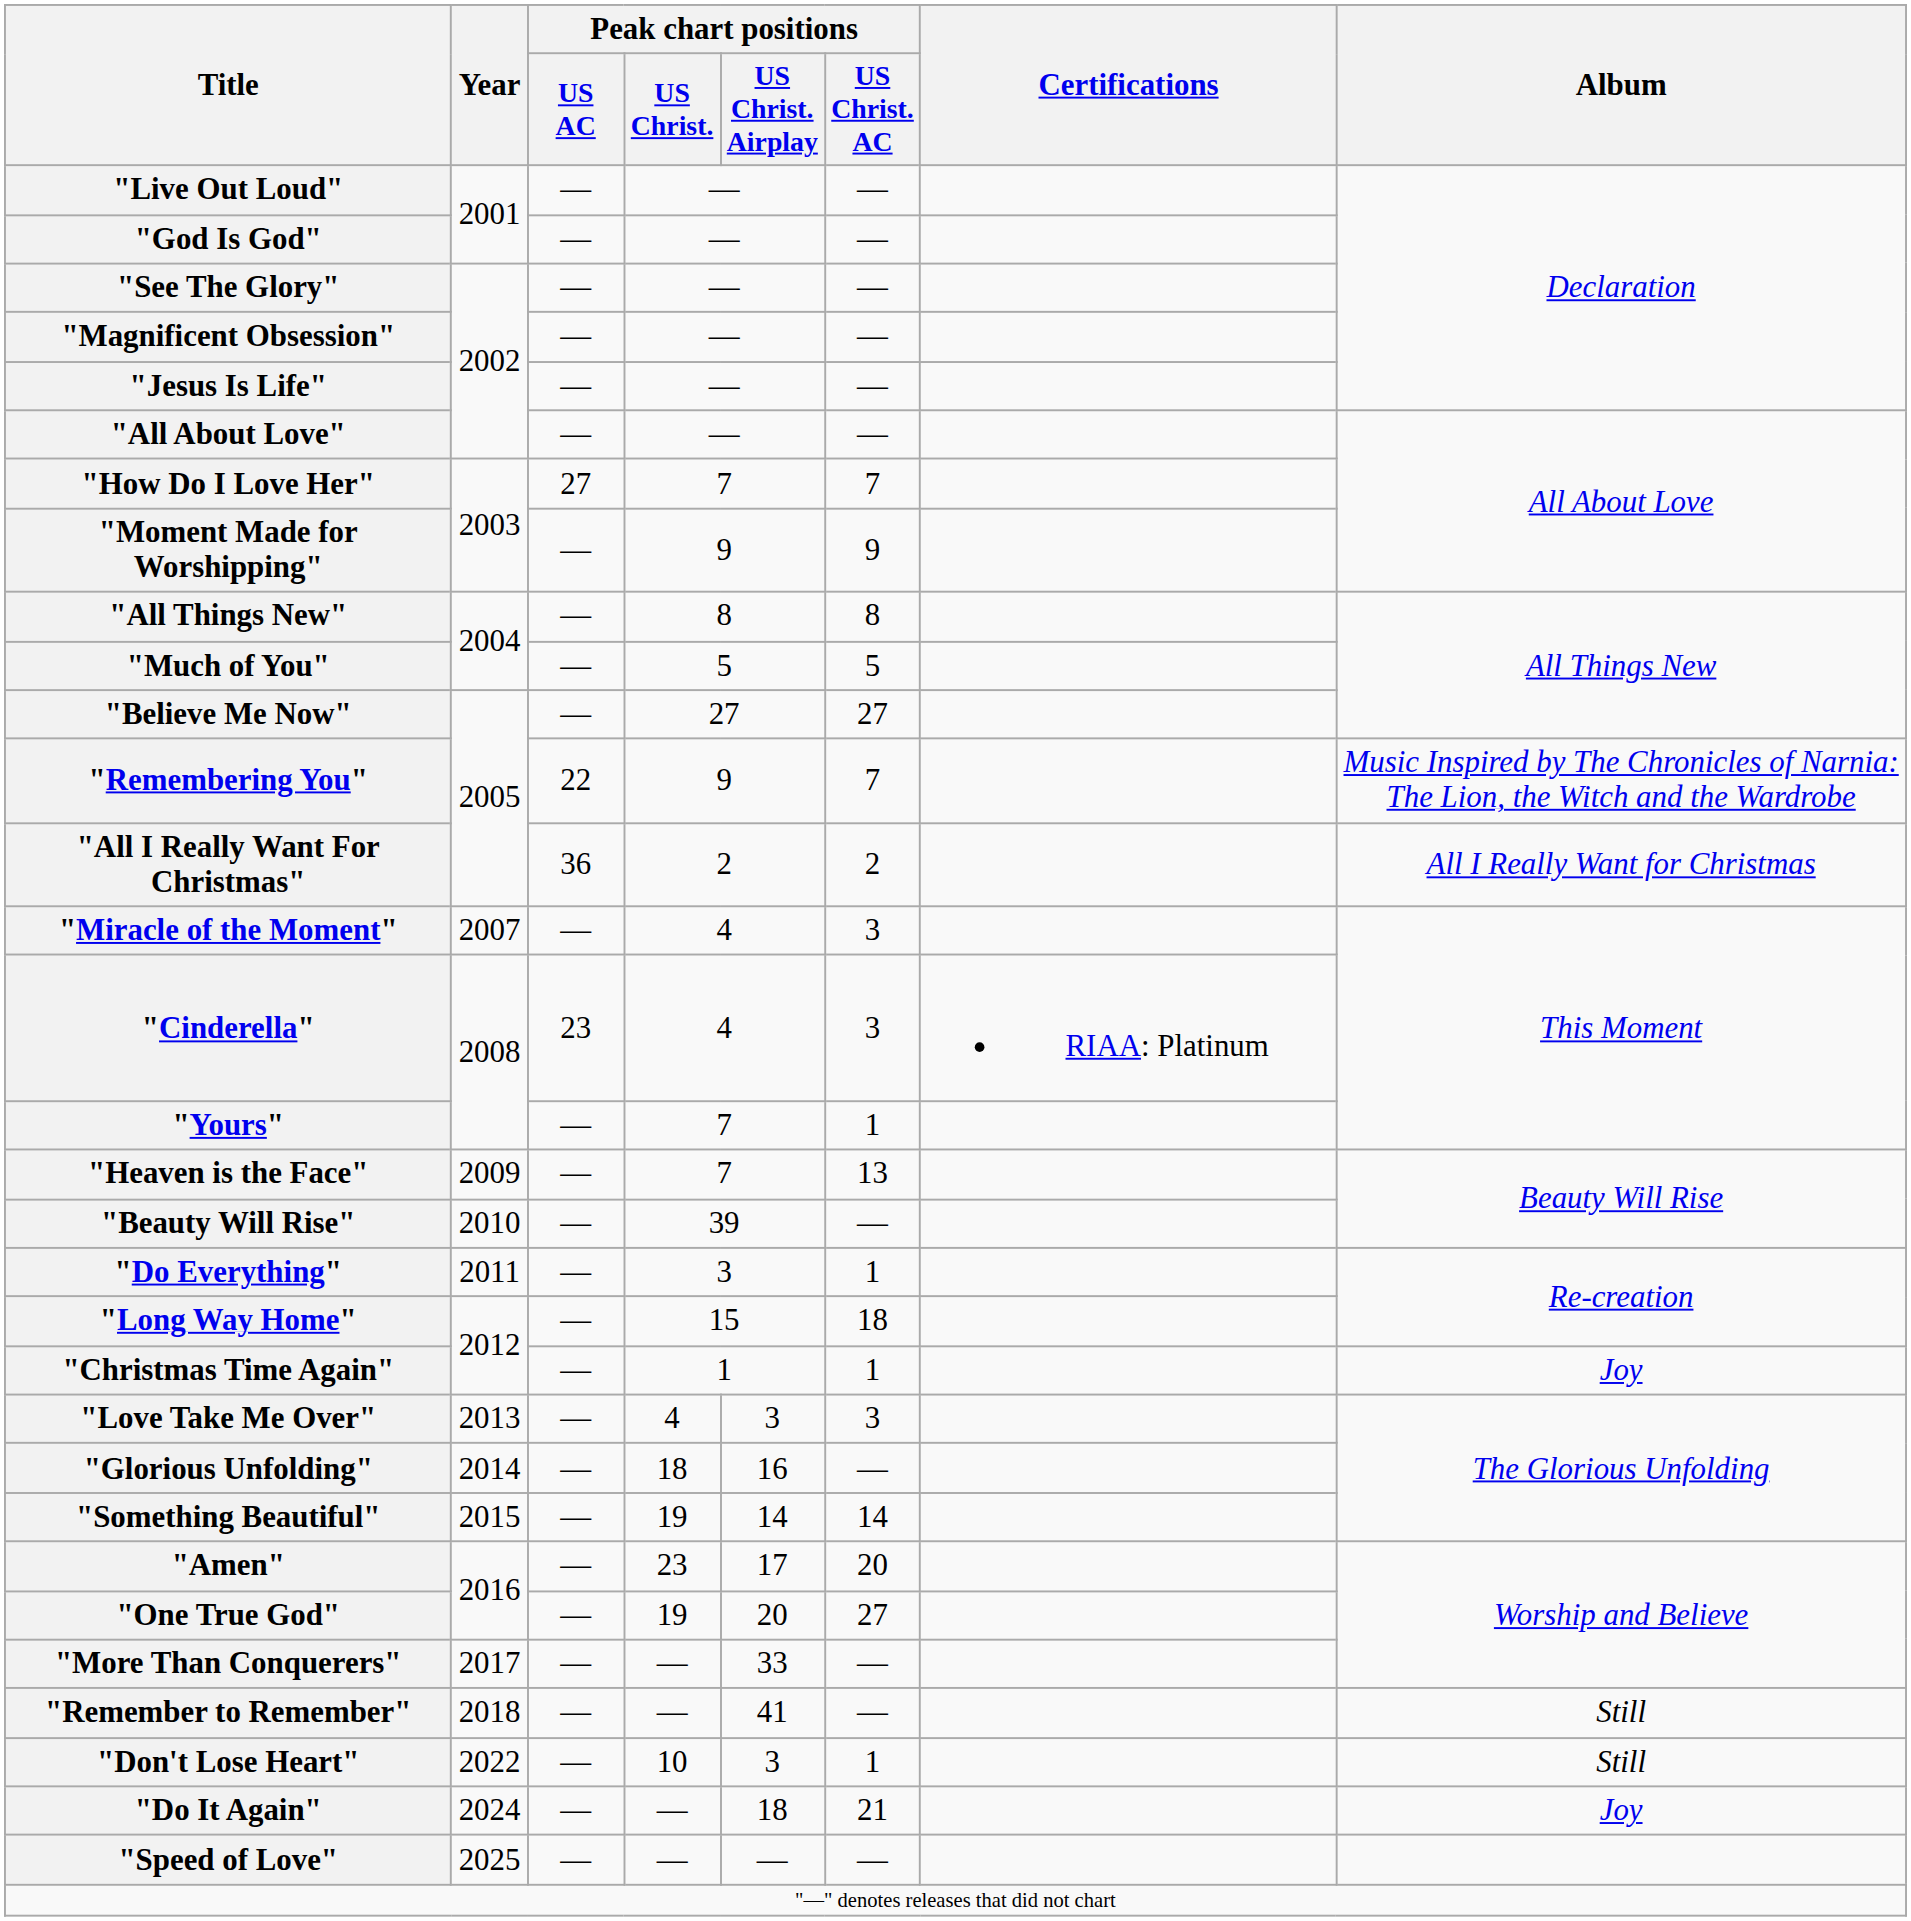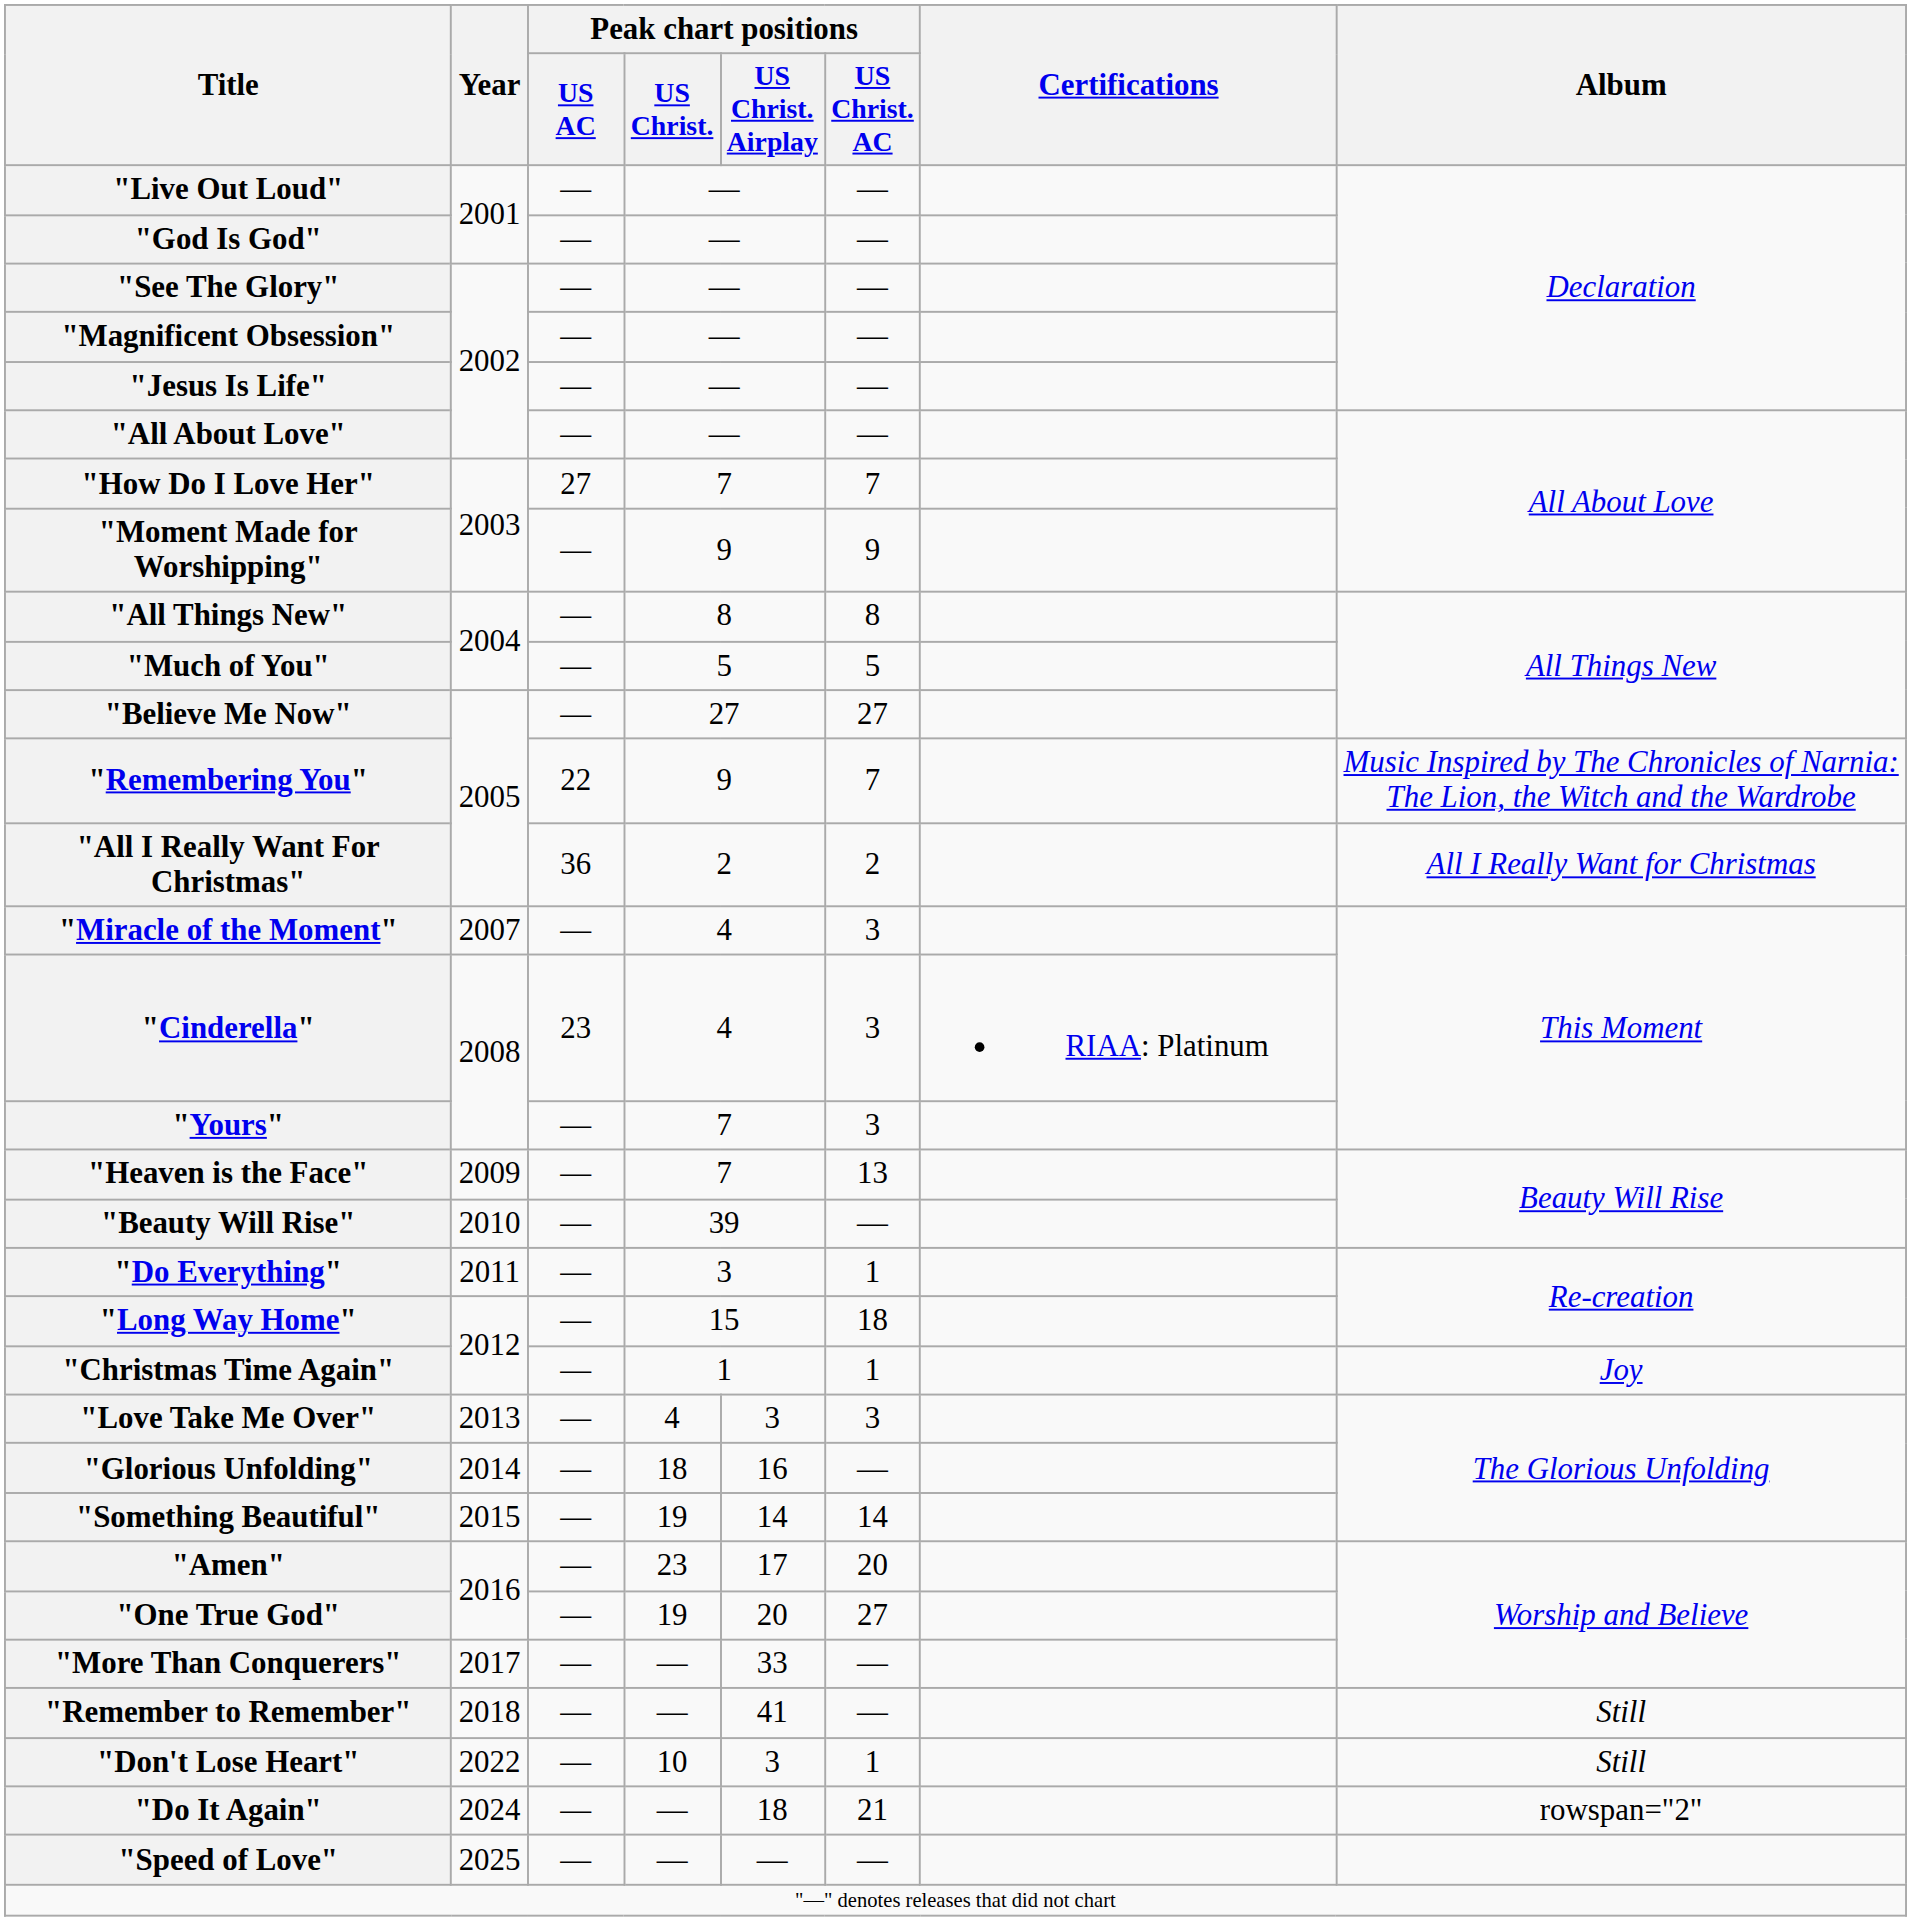 <table class="wikitable plainrowheaders" style="text-align:center;">
 <tr>
 <th scope="col" rowspan="2" style="width:14em;">Title</th>
 <th scope="col" rowspan="2" style="width:1em;">Year</th>
 <th scope="col" colspan="4">Peak chart positions</th>
 <th scope="col" rowspan="2" style="width:13em;"><a href='#'>Certifications</a></th>
 <th scope="col" rowspan="2">Album</th>
 </tr>
 <tr>
 <th style="width:3em; font-size:90%"><a href='#'>US<br>AC</a><br></th>
 <th style="width:3em; font-size:90%"><a href='#'>US Christ.</a><br></th>
 <th style="width:3em; font-size:90%"><a href='#'>US Christ. Airplay</a><br></th>
 <th style="width:3em; font-size:90%"><a href='#'>US Christ. AC</a><br></th>
 </tr>
 <tr>
 <th scope="row">"Live Out Loud"</th>
 <td rowspan="2">2001</td>
 <td>—</td>
 <td colspan="2">—</td>
 <td>—</td>
 <td></td>
 <td rowspan="5"><em><a href='#'>Declaration</a></em></td>
 </tr>
 <tr>
 <th scope="row">"God Is God"</th>
 <td>—</td>
 <td colspan="2">—</td>
 <td>—</td>
 <td></td>
 </tr>
 <tr>
 <th scope="row">"See The Glory"</th>
 <td rowspan="4">2002</td>
 <td>—</td>
 <td colspan="2">—</td>
 <td>—</td>
 <td></td>
 </tr>
 <tr>
 <th scope="row">"Magnificent Obsession"</th>
 <td>—</td>
 <td colspan="2">—</td>
 <td>—</td>
 <td></td>
 </tr>
 <tr>
 <th scope="row">"Jesus Is Life"</th>
 <td>—</td>
 <td colspan="2">—</td>
 <td>—</td>
 <td></td>
 </tr>
 <tr>
 <th scope="row">"All About Love"</th>
 <td>—</td>
 <td colspan="2">—</td>
 <td>—</td>
 <td></td>
 <td rowspan="3"><em><a href='#'>All About Love</a></em></td>
 </tr>
 <tr>
 <th scope="row">"How Do I Love Her"</th>
 <td rowspan="2">2003</td>
 <td>27</td>
 <td colspan="2">7</td>
 <td>7</td>
 <td></td>
 </tr>
 <tr>
 <th scope="row">"Moment Made for Worshipping"</th>
 <td>—</td>
 <td colspan="2">9</td>
 <td>9</td>
 <td></td>
 </tr>
 <tr>
 <th scope="row">"All Things New"</th>
 <td rowspan="2">2004</td>
 <td>—</td>
 <td colspan="2">8</td>
 <td>8</td>
 <td></td>
 <td rowspan="3"><em><a href='#'>All Things New</a></em></td>
 </tr>
 <tr>
 <th scope="row">"Much of You"</th>
 <td>—</td>
 <td colspan="2">5</td>
 <td>5</td>
 <td></td>
 </tr>
 <tr>
 <th scope="row">"Believe Me Now" </th>
 <td rowspan="3">2005</td>
 <td>—</td>
 <td colspan="2">27</td>
 <td>27</td>
 <td></td>
 </tr>
 <tr>
 <th scope="row">"<a href='#'>Remembering You</a>"</th>
 <td>22</td>
 <td colspan="2">9</td>
 <td>7</td>
 <td></td>
 <td><em><a href='#'>Music Inspired by The Chronicles of Narnia:<br> The Lion, the Witch and the Wardrobe</a></em></td>
 </tr>
 <tr>
 <th scope="row">"All I Really Want For Christmas"</th>
 <td>36</td>
 <td colspan="2">2</td>
 <td>2</td>
 <td></td>
 <td><em><a href='#'>All I Really Want for Christmas</a></em></td>
 </tr>
 <tr>
 <th scope="row">"<a href='#'>Miracle of the Moment</a>"</th>
 <td>2007</td>
 <td>—</td>
 <td colspan="2">4</td>
 <td>3</td>
 <td></td>
 <td rowspan="3"><em><a href='#'>This Moment</a></em></td>
 </tr>
 <tr>
 <th scope="row">"<a href='#'>Cinderella</a>"</th>
 <td rowspan="2">2008</td>
 <td>23</td>
 <td colspan="2">4</td>
 <td>3</td>
 <td><br><ul><li><a href='#'>RIAA</a>: Platinum</li></ul></td>
 </tr>
 <tr>
 <th scope="row">"<a href='#'>Yours</a>"</th>
 <td>—</td>
 <td colspan="2">7</td>
-<td>1</td>
+<td>3</td>
 <td></td>
 </tr>
 <tr>
 <th scope="row">"Heaven is the Face"</th>
 <td>2009</td>
 <td>—</td>
 <td colspan="2">7</td>
 <td>13</td>
 <td></td>
 <td rowspan="2"><em><a href='#'>Beauty Will Rise</a></em></td>
 </tr>
 <tr>
 <th scope="row">"Beauty Will Rise"</th>
 <td>2010</td>
 <td>—</td>
 <td colspan="2">39</td>
 <td>—</td>
 <td></td>
 </tr>
 <tr>
 <th scope="row">"<a href='#'>Do Everything</a>"</th>
 <td>2011</td>
 <td>—</td>
 <td colspan="2">3</td>
 <td>1</td>
 <td></td>
 <td rowspan="2"><em><a href='#'>Re-creation</a></em></td>
 </tr>
 <tr>
 <th scope="row">"<a href='#'>Long Way Home</a>"</th>
 <td rowspan="2">2012</td>
 <td>—</td>
 <td colspan="2">15</td>
 <td>18</td>
 <td></td>
 </tr>
 <tr>
 <th scope="row">"Christmas Time Again"</th>
 <td>—</td>
 <td colspan="2">1</td>
 <td>1</td>
 <td></td>
 <td><em><a href='#'>Joy</a></em></td>
 </tr>
 <tr>
 <th scope="row">"Love Take Me Over"</th>
 <td>2013</td>
 <td>—</td>
 <td>4</td>
 <td>3</td>
 <td>3</td>
 <td></td>
 <td rowspan="3"><em><a href='#'>The Glorious Unfolding</a></em></td>
 </tr>
 <tr>
 <th scope="row">"Glorious Unfolding"</th>
 <td>2014</td>
 <td>—</td>
 <td>18</td>
 <td>16</td>
 <td>—</td>
 <td></td>
 </tr>
 <tr>
 <th scope="row">"Something Beautiful"</th>
 <td>2015</td>
 <td>—</td>
 <td>19</td>
 <td>14</td>
 <td>14</td>
 <td></td>
 </tr>
 <tr>
 <th scope="row">"Amen"</th>
 <td rowspan="2">2016</td>
 <td>—</td>
 <td>23</td>
 <td>17</td>
 <td>20</td>
 <td></td>
 <td rowspan="3"><em><a href='#'>Worship and Believe</a></em></td>
 </tr>
 <tr>
 <th scope="row">"One True God"</th>
 <td>—</td>
 <td>19</td>
 <td>20</td>
 <td>27</td>
 <td></td>
 </tr>
 <tr>
 <th scope="row">"More Than Conquerers"</th>
 <td>2017</td>
 <td>—</td>
 <td>—</td>
 <td>33</td>
 <td>—</td>
 <td></td>
 </tr>
 <tr>
 <th scope="row">"Remember to Remember"</th>
 <td>2018</td>
 <td>—</td>
 <td>—</td>
 <td>41</td>
 <td>—</td>
 <td></td>
 <td><em>Still</em></td>
 </tr>
 <tr>
 <th scope="row">"Don't Lose Heart"</th>
 <td>2022</td>
 <td>—</td>
 <td>10</td>
 <td>3</td>
 <td>1</td>
 <td></td>
 <td><em>Still</em></td>
 </tr>
 <tr>
 <th scope="row">"Do It Again"</th>
 <td>2024</td>
 <td>—</td>
 <td>—</td>
 <td>18</td>
 <td>21</td>
 <td></td>
-<td><em><a href='#'>Joy</a></em></td>
+<td>rowspan="2" </td>
 </tr>
 <tr>
 <th scope="row">"Speed of Love"</th>
 <td>2025</td>
 <td>—</td>
 <td>—</td>
 <td>—</td>
 <td>—</td>
 <td></td>
 </tr>
 <tr>
 <td colspan="10" style="font-size:8pt">"—" denotes releases that did not chart</td>
 </tr>
 </table>
